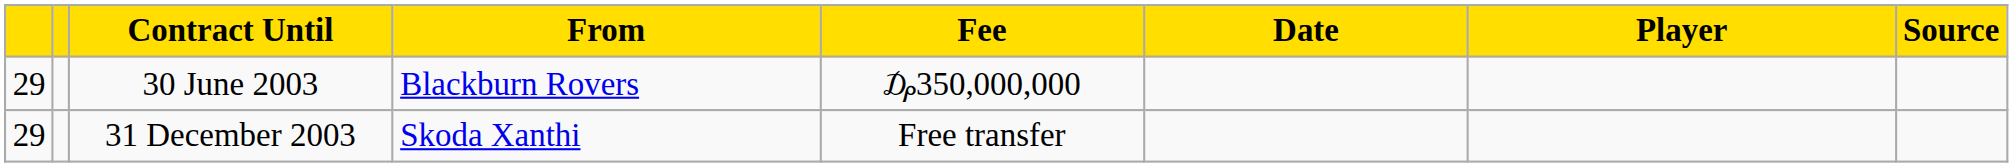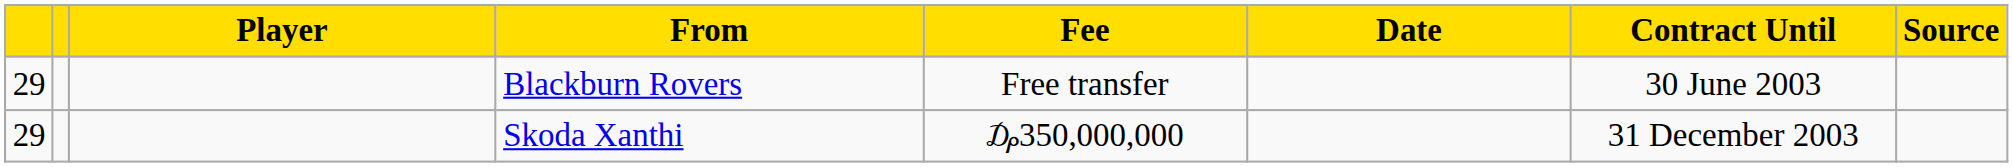 <table class="wikitable sortable">
 <tr>
 <th style="background:#FFDE00"></th>
 <th style="background:#FFDE00"></th>
-<th width=150 style="background:#FFDE00">Contract Until</th>
+<th width=200 style="background:#FFDE00">Player</th>
 <th width=200 style="background:#FFDE00">From</th>
 <th width=150 style="background:#FFDE00">Fee</th>
 <th width=150 style="background:#FFDE00">Date</th>
-<th width=200 style="background:#FFDE00">Player</th>
+<th width=150 style="background:#FFDE00">Contract Until</th>
 <th style="background:#FFDE00">Source</th>
 </tr>
 <tr>
 <td align=center>29</td>
 <td align=center></td>
+<td></td>
+<td> <a href='#'>Blackburn Rovers</a></td>
+<td align=center>Free transfer</td>
+<td align=center></td>
 <td align=center>30 June 2003</td>
-<td> <a href='#'>Blackburn Rovers</a></td>
-<td align=center>₯350,000,000</td>
-<td align=center></td>
-<td></td>
 <td align=center></td>
 </tr>
 <tr>
 <td align=center>29</td>
 <td align=center></td>
+<td></td>
+<td> <a href='#'>Skoda Xanthi</a></td>
+<td align=center>₯350,000,000</td>
+<td align=center></td>
 <td align=center>31 December 2003</td>
-<td> <a href='#'>Skoda Xanthi</a></td>
-<td align=center>Free transfer</td>
-<td align=center></td>
-<td></td>
 <td align=center></td>
 </tr>
 </table>
